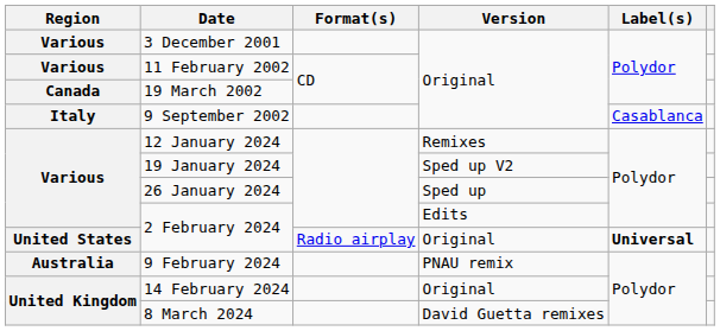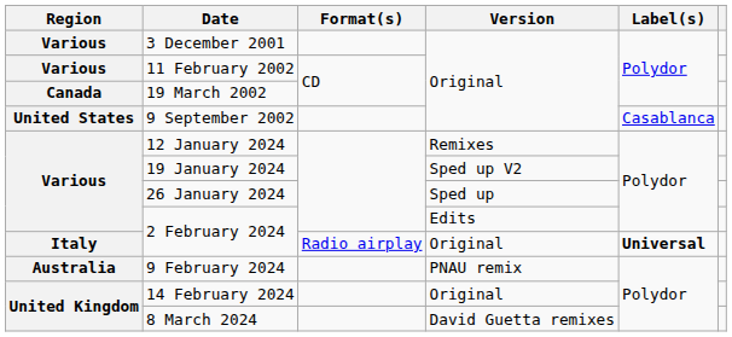 <table class="wikitable plainrowheaders">
 <tr>
 <th scope="col">Region</th>
 <th scope="col">Date</th>
 <th scope="col">Format(s)</th>
 <th scope="col">Version</th>
 <th scope="col">Label(s)</th>
 <th scope="col"></th>
 </tr>
 <tr>
 <th scope="row">Various</th>
 <td>3 December 2001</td>
 <td></td>
 <td rowspan="4">Original</td>
 <td rowspan="3"><a href='#'>Polydor</a></td>
 <td align="center"></td>
 </tr>
 <tr>
 <th scope="row">Various</th>
 <td>11 February 2002</td>
 <td rowspan="2">CD</td>
 <td align="center"></td>
 </tr>
 <tr>
 <th scope="row">Canada</th>
 <td>19 March 2002</td>
 <td align="center"></td>
 </tr>
 <tr>
-<th scope="row">Italy</th>
+<th scope="row">United States</th>
 <td>9 September 2002</td>
 <td></td>
 <td><a href='#'>Casablanca</a></td>
 <td align="center"></td>
 </tr>
 <tr>
 <th scope="row" rowspan="4">Various</th>
 <td>12 January 2024</td>
 <td rowspan="4"></td>
 <td>Remixes</td>
 <td rowspan="4">Polydor</td>
 <td align="center"></td>
 </tr>
 <tr>
 <td>19 January 2024</td>
 <td>Sped up V2</td>
 <td align="center"></td>
 </tr>
 <tr>
 <td>26 January 2024</td>
 <td>Sped up</td>
 <td align="center"></td>
 </tr>
 <tr>
 <td rowspan="2">2 February 2024</td>
 <td>Edits</td>
 <td align="center"></td>
 </tr>
 <tr>
-<th scope="row">United States</th>
+<th scope="row">Italy</th>
 <td><a href='#'>Radio airplay</a></td>
 <td>Original</td>
 <td><strong>Universal</strong></td>
 <td align="center"></td>
 </tr>
 <tr>
 <th scope="row">Australia</th>
 <td>9 February 2024</td>
 <td></td>
 <td>PNAU remix</td>
 <td rowspan="3">Polydor</td>
 <td align="center"></td>
 </tr>
 <tr>
 <th scope="row" rowspan="2">United Kingdom</th>
 <td>14 February 2024</td>
 <td></td>
 <td>Original</td>
 <td align="center"></td>
 </tr>
 <tr>
 <td>8 March 2024</td>
 <td></td>
 <td>David Guetta remixes</td>
 <td align="center"></td>
 </tr>
 </table>
